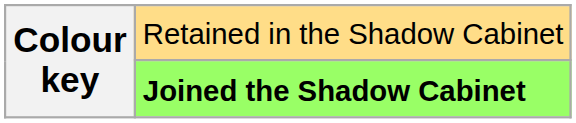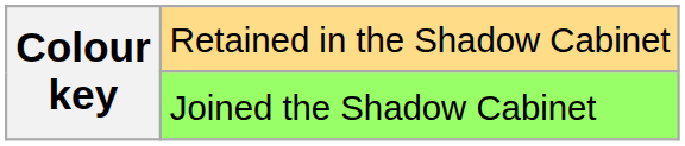 <table class="wikitable">
 <tr>
 <th rowspan=3>Colour<br>key</th>
 <td bgcolor=ffdd88><small>Retained in the Shadow Cabinet</small></td>
 </tr>
 <tr bgcolor=99ff66>
-<td><strong><small>Joined the Shadow Cabinet</small></strong></td>
+<td><small>Joined the Shadow Cabinet</small></td>
 </tr>
 </table>
